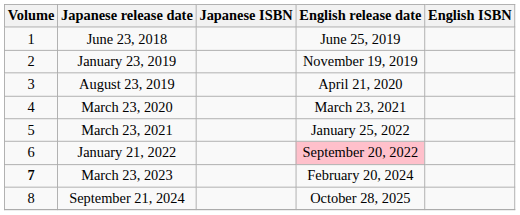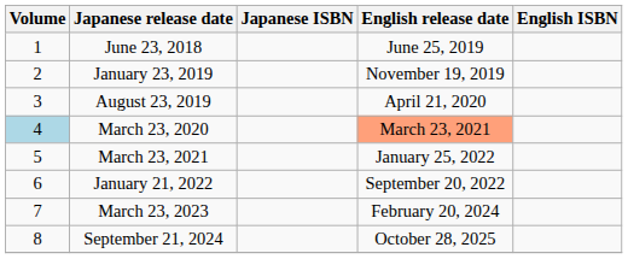 <table class="wikitable" width:40%;" >
 <tr>
 <th>Volume</th>
 <th>Japanese release date</th>
 <th>Japanese ISBN</th>
 <th>English release date</th>
 <th>English ISBN</th>
 </tr>
 <tr>
 <td align="center">1</td>
 <td align="center">June 23, 2018</td>
 <td></td>
 <td align="center">June 25, 2019</td>
 <td></td>
 </tr>
 <tr>
 <td align="center">2</td>
 <td align="center">January 23, 2019</td>
 <td></td>
 <td align="center">November 19, 2019</td>
 <td></td>
 </tr>
 <tr>
 <td align="center">3</td>
 <td align="center">August 23, 2019</td>
 <td></td>
 <td align="center">April 21, 2020</td>
 <td></td>
 </tr>
 <tr>
-<td align="center">4</td>
+<td align="center" style="background: lightblue;">4</td>
 <td align="center">March 23, 2020</td>
 <td></td>
-<td align="center">March 23, 2021</td>
+<td align="center" style="background: lightsalmon;">March 23, 2021</td>
 <td></td>
 </tr>
 <tr>
 <td align="center">5</td>
 <td align="center">March 23, 2021</td>
 <td></td>
 <td align="center">January 25, 2022</td>
 <td></td>
 </tr>
 <tr>
 <td align="center">6</td>
 <td align="center">January 21, 2022</td>
 <td></td>
-<td align="center" style="background: pink;">September 20, 2022</td>
+<td align="center">September 20, 2022</td>
 <td></td>
 </tr>
 <tr>
-<td align="center"><strong>7</strong></td>
+<td align="center">7</td>
 <td align="center">March 23, 2023</td>
 <td></td>
 <td align="center">February 20, 2024</td>
 <td></td>
 </tr>
 <tr>
 <td align="center">8</td>
 <td align="center">September 21, 2024</td>
 <td></td>
 <td align="center">October 28, 2025</td>
 <td></td>
 </tr>
 <tr>
 </tr>
 </table>
